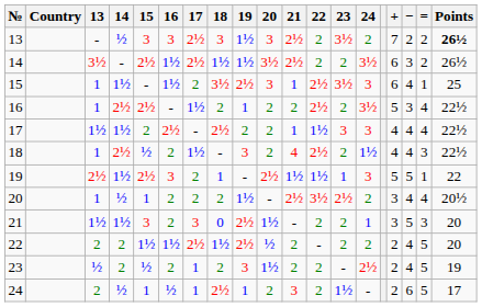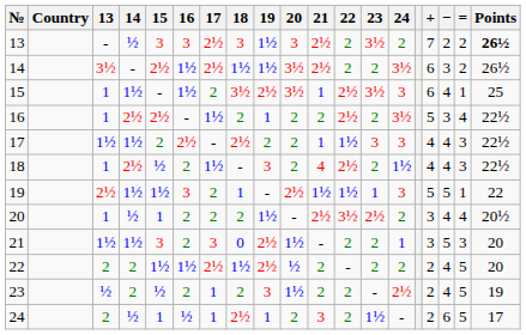 <table class="wikitable" style="text-align:center">
 <tr>
 <th>№</th>
 <th>Country</th>
 <th>13</th>
 <th>14</th>
 <th>15</th>
 <th>16</th>
 <th>17</th>
 <th>18</th>
 <th>19</th>
 <th>20</th>
 <th>21</th>
 <th>22</th>
 <th>23</th>
 <th>24</th>
 <th></th>
 <th>+</th>
 <th>−</th>
 <th>=</th>
 <th>Points</th>
 </tr>
 <tr>
 <td>13</td>
 <td style="text-align: left"></td>
 <td>-</td>
 <td style="color:blue;">½</td>
 <td style="color:red;">3</td>
 <td style="color:red;">3</td>
 <td style="color:red;">2½</td>
 <td style="color:red;">3</td>
 <td style="color:blue;">1½</td>
 <td style="color:red;">3</td>
 <td style="color:red;">2½</td>
 <td style="color:green;">2</td>
 <td style="color:red;">3½</td>
 <td style="color:green;">2</td>
 <th></th>
 <td>7</td>
 <td>2</td>
 <td>2</td>
 <td><strong>26½ </strong></td>
 </tr>
 <tr>
 <td>14</td>
 <td style="text-align: left"></td>
 <td style="color:red;">3½</td>
 <td>-</td>
 <td style="color:red;">2½</td>
 <td style="color:blue;">1½</td>
 <td style="color:red;">2½</td>
 <td style="color:blue;">1½</td>
 <td style="color:blue;">1½</td>
 <td style="color:red;">3½</td>
 <td style="color:red;">2½</td>
 <td style="color:green;">2</td>
 <td style="color:green;">2</td>
 <td style="color:red;">3½</td>
 <th></th>
 <td>6</td>
 <td>3</td>
 <td>2</td>
 <td>26½</td>
 </tr>
 <tr>
 <td>15</td>
 <td style="text-align: left"></td>
 <td style="color:blue;">1</td>
 <td style="color:blue;">1½</td>
 <td>-</td>
 <td style="color:blue;">1½</td>
 <td style="color:green;">2</td>
 <td style="color:red;">3½</td>
 <td style="color:red;">2½</td>
-<td style="color:red;">3</td>
+<td style="color:red;">3½</td>
 <td style="color:blue;">1</td>
 <td style="color:red;">2½</td>
 <td style="color:red;">3½</td>
 <td style="color:red;">3</td>
 <th></th>
 <td>6</td>
 <td>4</td>
 <td>1</td>
 <td>25</td>
 </tr>
 <tr>
 <td>16</td>
 <td style="text-align: left"></td>
 <td style="color:blue;">1</td>
 <td style="color:red;">2½</td>
 <td style="color:red;">2½</td>
 <td>-</td>
 <td style="color:blue;">1½</td>
 <td style="color:green;">2</td>
 <td style="color:blue;">1</td>
 <td style="color:green;">2</td>
 <td style="color:green;">2</td>
 <td style="color:red;">2½</td>
 <td style="color:green;">2</td>
 <td style="color:red;">3½</td>
 <th></th>
 <td>5</td>
 <td>3</td>
 <td>4</td>
 <td>22½</td>
 </tr>
 <tr>
 <td>17</td>
 <td style="text-align: left"></td>
 <td style="color:blue;">1½</td>
 <td style="color:blue;">1½</td>
 <td style="color:green;">2</td>
 <td style="color:red;">2½</td>
 <td>-</td>
 <td style="color:red;">2½</td>
 <td style="color:green;">2</td>
 <td style="color:green;">2</td>
 <td style="color:blue;">1</td>
 <td style="color:blue;">1½</td>
 <td style="color:red;">3</td>
 <td style="color:red;">3</td>
 <th></th>
 <td>4</td>
 <td>4</td>
-<td>4</td>
+<td>3</td>
 <td>22½</td>
 </tr>
 <tr>
 <td>18</td>
 <td style="text-align: left"></td>
 <td style="color:blue;">1</td>
 <td style="color:red;">2½</td>
 <td style="color:blue;">½</td>
 <td style="color:green;">2</td>
 <td style="color:blue;">1½</td>
 <td>-</td>
 <td style="color:red;">3</td>
 <td style="color:green;">2</td>
 <td style="color:red;">4</td>
 <td style="color:red;">2½</td>
 <td style="color:green;">2</td>
 <td style="color:blue;">1½</td>
 <th></th>
 <td>4</td>
 <td>4</td>
 <td>3</td>
 <td>22½</td>
 </tr>
 <tr>
 <td>19</td>
 <td style="text-align: left"></td>
 <td style="color:red;">2½</td>
 <td style="color:blue;">1½</td>
-<td style="color:red;">2½</td>
+<td style="color:blue;">1½</td>
 <td style="color:red;">3</td>
 <td style="color:green;">2</td>
 <td style="color:blue;">1</td>
 <td>-</td>
 <td style="color:red;">2½</td>
 <td style="color:blue;">1½</td>
 <td style="color:blue;">1½</td>
 <td style="color:blue;">1</td>
 <td style="color:red;">3</td>
 <th></th>
 <td>5</td>
 <td>5</td>
 <td>1</td>
 <td>22</td>
 </tr>
 <tr>
 <td>20</td>
 <td style="text-align: left"></td>
 <td style="color:blue;">1</td>
 <td style="color:blue;">½</td>
 <td style="color:blue;">1</td>
 <td style="color:green;">2</td>
 <td style="color:green;">2</td>
 <td style="color:green;">2</td>
 <td style="color:blue;">1½</td>
 <td>-</td>
 <td style="color:red;">2½</td>
 <td style="color:red;">3½</td>
 <td style="color:red;">2½</td>
 <td style="color:green;">2</td>
 <th></th>
 <td>3</td>
 <td>4</td>
 <td>4</td>
 <td>20½</td>
 </tr>
 <tr>
 <td>21</td>
 <td style="text-align: left"></td>
 <td style="color:blue;">1½</td>
 <td style="color:blue;">1½</td>
 <td style="color:red;">3</td>
 <td style="color:green;">2</td>
 <td style="color:red;">3</td>
 <td style="color:blue;">0</td>
 <td style="color:red;">2½</td>
 <td style="color:blue;">1½</td>
 <td>-</td>
 <td style="color:green;">2</td>
 <td style="color:green;">2</td>
 <td style="color:blue;">1</td>
 <th></th>
 <td>3</td>
 <td>5</td>
 <td>3</td>
 <td>20</td>
 </tr>
 <tr>
 <td>22</td>
 <td style="text-align: left"></td>
 <td style="color:green;">2</td>
 <td style="color:green;">2</td>
 <td style="color:blue;">1½</td>
 <td style="color:blue;">1½</td>
 <td style="color:red;">2½</td>
 <td style="color:blue;">1½</td>
 <td style="color:red;">2½</td>
 <td style="color:blue;">½</td>
 <td style="color:green;">2</td>
 <td>-</td>
 <td style="color:green;">2</td>
 <td style="color:green;">2</td>
 <th></th>
 <td>2</td>
 <td>4</td>
 <td>5</td>
 <td>20</td>
 </tr>
 <tr>
 <td>23</td>
 <td style="text-align: left"></td>
 <td style="color:blue;">½</td>
 <td style="color:green;">2</td>
 <td style="color:blue;">½</td>
 <td style="color:green;">2</td>
 <td style="color:blue;">1</td>
 <td style="color:green;">2</td>
 <td style="color:red;">3</td>
 <td style="color:blue;">1½</td>
 <td style="color:green;">2</td>
 <td style="color:green;">2</td>
 <td>-</td>
 <td style="color:red;">2½</td>
 <th></th>
 <td>2</td>
 <td>4</td>
 <td>5</td>
 <td>19</td>
 </tr>
 <tr>
 <td>24</td>
 <td style="text-align: left"></td>
 <td style="color:green;">2</td>
 <td style="color:blue;">½</td>
 <td style="color:blue;">1</td>
 <td style="color:blue;">½</td>
 <td style="color:blue;">1</td>
 <td style="color:red;">2½</td>
 <td style="color:blue;">1</td>
 <td style="color:green;">2</td>
 <td style="color:red;">3</td>
 <td style="color:green;">2</td>
 <td style="color:blue;">1½</td>
 <td>-</td>
 <th></th>
 <td>2</td>
 <td>6</td>
 <td>5</td>
 <td>17</td>
 </tr>
 </table>
